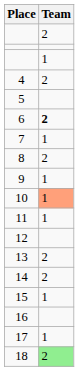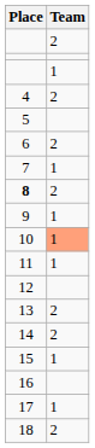 <table class="wikitable">
 <tr>
 <th>Place</th>
 <th>Team</th>
 </tr>
 <tr>
 <td align=center></td>
 <td> 2</td>
 </tr>
 <tr>
 <td align=center></td>
 <td></td>
 </tr>
 <tr>
 <td align=center></td>
 <td> 1</td>
 </tr>
 <tr>
 <td align=center>4</td>
 <td> 2</td>
 </tr>
 <tr>
 <td align=center>5</td>
 <td></td>
 </tr>
 <tr>
 <td align=center>6</td>
-<td><strong> 2</strong></td>
+<td> 2</td>
 </tr>
 <tr>
 <td align=center>7</td>
 <td> 1</td>
 </tr>
 <tr>
-<td align=center>8</td>
+<td align=center><strong>8</strong></td>
 <td> 2</td>
 </tr>
 <tr>
 <td align=center>9</td>
 <td> 1</td>
 </tr>
 <tr>
 <td align=center>10</td>
 <td style="background: lightsalmon;"> 1</td>
 </tr>
 <tr>
 <td align=center>11</td>
 <td> 1</td>
 </tr>
 <tr>
 <td align=center>12</td>
 <td></td>
 </tr>
 <tr>
 <td align=center>13</td>
 <td> 2</td>
 </tr>
 <tr>
 <td align=center>14</td>
 <td> 2</td>
 </tr>
 <tr>
 <td align=center>15</td>
 <td> 1</td>
 </tr>
 <tr>
 <td align=center>16</td>
 <td></td>
 </tr>
 <tr>
 <td align=center>17</td>
 <td> 1</td>
 </tr>
 <tr>
 <td align=center>18</td>
-<td style="background: lightgreen;"> 2</td>
+<td> 2</td>
 </tr>
 </table>
